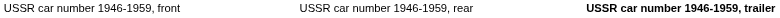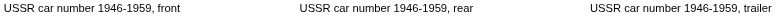 <table class="graytable" style="text-align:center">
 <tr>
 <td width="20%"></td>
 <td width="20%"></td>
 <td width="20%"></td>
 </tr>
 <tr>
 <td>USSR car number 1946-1959, front</td>
 <td>USSR car number 1946-1959, rear</td>
-<td><strong>USSR car number 1946-1959, trailer</strong></td>
+<td>USSR car number 1946-1959, trailer</td>
 </tr>
 </table>
